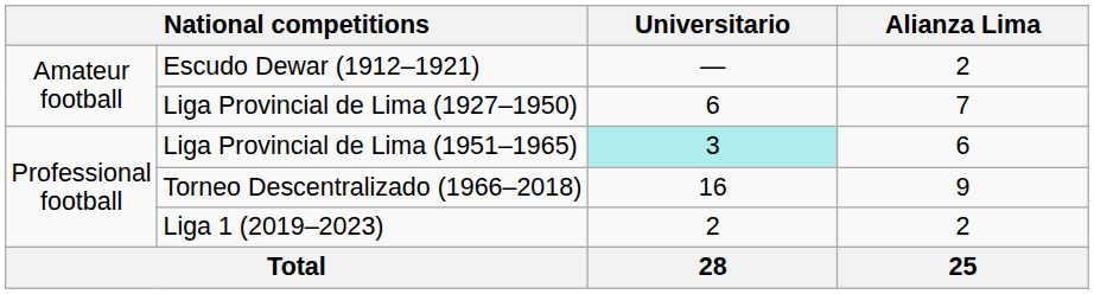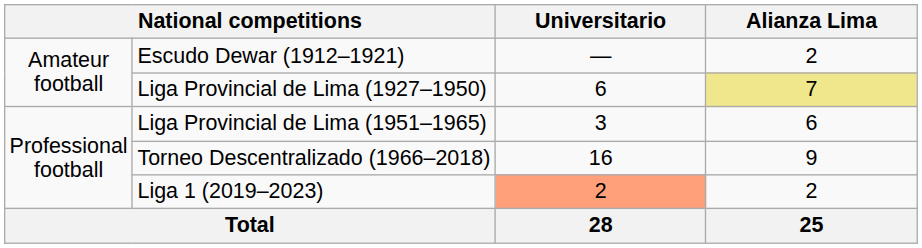 <table class="wikitable" style="text-align: center;" align=center>
 <tr>
 <th width="350" colspan="2">National competitions</th>
 <th width=150>Universitario</th>
 <th width=150>Alianza Lima</th>
 </tr>
 <tr>
 <td rowspan="2">Amateur<br>football</td>
 <td align="left">Escudo Dewar (1912–1921)</td>
 <td>—</td>
 <td>2</td>
 </tr>
 <tr>
 <td align="left">Liga Provincial de Lima (1927–1950)</td>
 <td>6</td>
-<td>7</td>
+<td style="background: khaki;">7</td>
 </tr>
 <tr>
 <td rowspan=3>Professional<br>football</td>
 <td align="left">Liga Provincial de Lima (1951–1965)</td>
-<td style="background: paleturquoise;">3</td>
+<td>3</td>
 <td>6</td>
 </tr>
 <tr>
 <td align="left">Torneo Descentralizado (1966–2018)</td>
 <td>16</td>
 <td>9</td>
 </tr>
 <tr>
 <td align="left">Liga 1 (2019–2023)</td>
-<td>2</td>
+<td style="background: lightsalmon;">2</td>
 <td>2</td>
 </tr>
 <tr>
 <th colspan=2>Total</th>
 <th>28</th>
 <th>25</th>
 </tr>
 </table>
